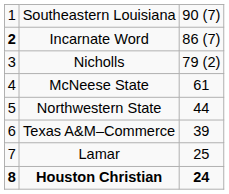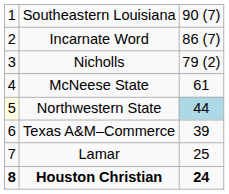 <table class="wikitable">
 <tr align="center">
 <td>1</td>
 <td>Southeastern Louisiana</td>
 <td>90 (7)</td>
 </tr>
 <tr align="center">
-<td><strong>2</strong></td>
+<td>2</td>
 <td>Incarnate Word</td>
 <td>86 (7)</td>
 </tr>
 <tr align="center">
 <td>3</td>
 <td>Nicholls</td>
 <td>79 (2)</td>
 </tr>
 <tr align="center">
 <td>4</td>
 <td>McNeese State</td>
 <td>61</td>
 </tr>
 <tr align="center">
-<td>5</td>
+<td style="background: lightyellow;">5</td>
 <td>Northwestern State</td>
-<td>44</td>
+<td style="background: lightblue;">44</td>
 </tr>
 <tr align="center">
 <td>6</td>
 <td>Texas A&M–Commerce</td>
 <td>39</td>
 </tr>
 <tr align="center">
 <td>7</td>
 <td>Lamar</td>
 <td>25</td>
 </tr>
 <tr align="center">
 <td><strong>8</strong></td>
 <td><strong>Houston Christian</strong></td>
 <td><strong>24</strong></td>
 </tr>
 </table>
